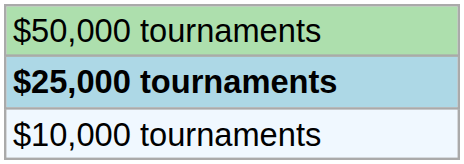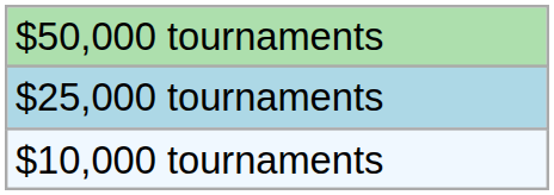 <table class="wikitable" style="font-size:85%;" width=15%>
 <tr bgcolor="#ADDFAD">
 <td>$50,000 tournaments</td>
 </tr>
 <tr bgcolor="lightblue">
-<td><strong>$25,000 tournaments</strong></td>
+<td>$25,000 tournaments</td>
 </tr>
 <tr style="background:#f0f8ff;">
 <td>$10,000 tournaments</td>
 </tr>
 </table>
